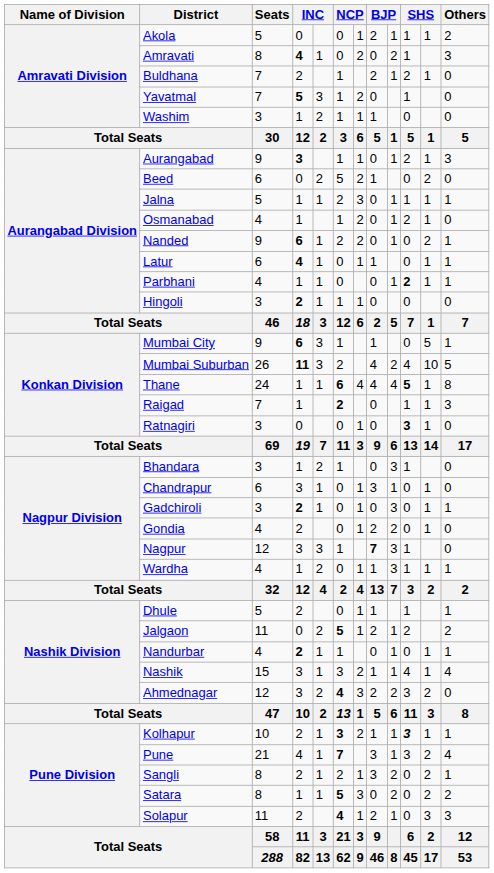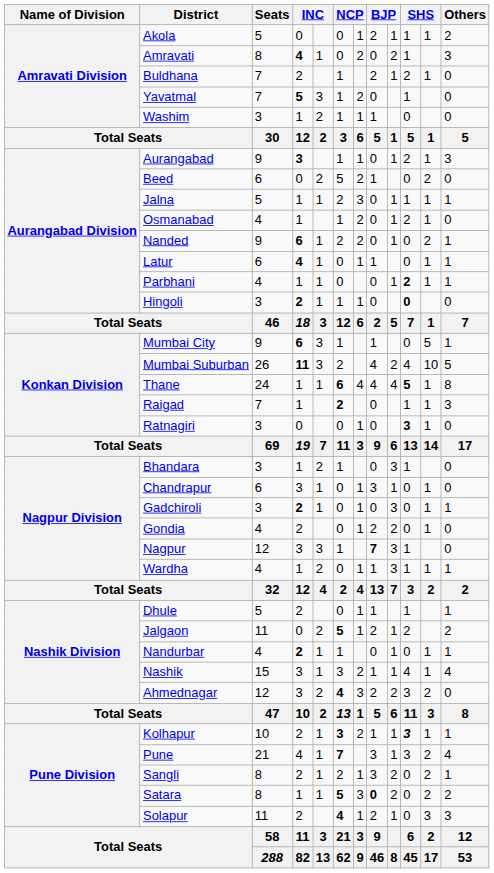 <table class="wikitable sortable">
 <tr>
 <th>Name of Division</th>
 <th>District</th>
 <th>Seats</th>
 <th colspan="2"><a href='#'>INC</a></th>
 <th colspan="2"><a href='#'>NCP</a></th>
 <th colspan="2"><a href='#'>BJP</a></th>
 <th colspan="2"><a href='#'>SHS</a></th>
 <th>Others</th>
 </tr>
 <tr>
 <th rowspan="5"><a href='#'>Amravati Division</a></th>
 <td><a href='#'>Akola</a></td>
 <td>5</td>
 <td>0</td>
 <td></td>
 <td>0</td>
 <td> 1</td>
 <td>2</td>
 <td> 1</td>
 <td>1</td>
 <td> 1</td>
 <td>2</td>
 </tr>
 <tr>
 <td><a href='#'>Amravati</a></td>
 <td>8</td>
 <td><strong>4</strong></td>
 <td> 1</td>
 <td>0</td>
 <td> 2</td>
 <td>0</td>
 <td> 2</td>
 <td>1</td>
 <td></td>
 <td>3</td>
 </tr>
 <tr>
 <td><a href='#'>Buldhana</a></td>
 <td>7</td>
 <td>2</td>
 <td></td>
 <td>1</td>
 <td></td>
 <td>2</td>
 <td> 1</td>
 <td>2</td>
 <td> 1</td>
 <td>0</td>
 </tr>
 <tr>
 <td><a href='#'>Yavatmal</a></td>
 <td>7</td>
 <td><strong>5</strong></td>
 <td> 3</td>
 <td>1</td>
 <td> 2</td>
 <td>0</td>
 <td></td>
 <td>1</td>
 <td></td>
 <td>0</td>
 </tr>
 <tr>
 <td><a href='#'>Washim</a></td>
 <td>3</td>
 <td>1</td>
 <td> 2</td>
 <td>1</td>
 <td> 1</td>
 <td>1</td>
 <td></td>
 <td>0</td>
 <td></td>
 <td>0</td>
 </tr>
 <tr>
 <th colspan="2">Total Seats</th>
 <th>30</th>
 <th>12</th>
 <th> 2</th>
 <th>3</th>
 <th> 6</th>
 <th>5</th>
 <th> 1</th>
 <th>5</th>
 <th> 1</th>
 <th>5</th>
 </tr>
 <tr>
 <th rowspan="8"><a href='#'>Aurangabad Division</a></th>
 <td><a href='#'>Aurangabad</a></td>
 <td>9</td>
 <td><strong>3</strong></td>
 <td></td>
 <td>1</td>
 <td> 1</td>
 <td>0</td>
 <td> 1</td>
 <td>2</td>
 <td> 1</td>
 <td>3</td>
 </tr>
 <tr>
 <td><a href='#'>Beed</a></td>
 <td>6</td>
 <td>0</td>
 <td> 2</td>
 <td>5</td>
 <td> 2</td>
 <td>1</td>
 <td></td>
 <td>0</td>
 <td> 2</td>
 <td>0</td>
 </tr>
 <tr>
 <td><a href='#'>Jalna</a></td>
 <td>5</td>
 <td>1</td>
 <td> 1</td>
 <td>2</td>
 <td> 3</td>
 <td>0</td>
 <td> 1</td>
 <td>1</td>
 <td> 1</td>
 <td>1</td>
 </tr>
 <tr>
 <td><a href='#'>Osmanabad</a></td>
 <td>4</td>
 <td>1</td>
 <td></td>
 <td>1</td>
 <td> 2</td>
 <td>0</td>
 <td> 1</td>
 <td>2</td>
 <td> 1</td>
 <td>0</td>
 </tr>
 <tr>
 <td><a href='#'>Nanded</a></td>
 <td>9</td>
 <td><strong>6</strong></td>
 <td> 1</td>
 <td>2</td>
 <td> 2</td>
 <td>0</td>
 <td> 1</td>
 <td>0</td>
 <td> 2</td>
 <td>1</td>
 </tr>
 <tr>
 <td><a href='#'>Latur</a></td>
 <td>6</td>
 <td><strong>4</strong></td>
 <td> 1</td>
 <td>0</td>
 <td> 1</td>
 <td>1</td>
 <td></td>
 <td>0</td>
 <td> 1</td>
 <td>1</td>
 </tr>
 <tr>
 <td><a href='#'>Parbhani</a></td>
 <td>4</td>
 <td>1</td>
 <td> 1</td>
 <td>0</td>
 <td></td>
 <td>0</td>
 <td> 1</td>
 <td><strong>2</strong></td>
 <td> 1</td>
 <td>1</td>
 </tr>
 <tr>
 <td><a href='#'>Hingoli</a></td>
 <td>3</td>
 <td><strong>2</strong></td>
 <td> 1</td>
 <td>1</td>
 <td> 1</td>
 <td>0</td>
 <td></td>
-<td>0</td>
+<td><strong>0</strong></td>
 <td></td>
 <td>0</td>
 </tr>
 <tr>
 <th colspan="2">Total Seats</th>
 <th>46</th>
 <th><em>18</em></th>
 <th> 3</th>
 <th>12</th>
 <th> 6</th>
 <th>2</th>
 <th> 5</th>
 <th>7</th>
 <th> 1</th>
 <th>7</th>
 </tr>
 <tr>
 <th rowspan="5"><a href='#'>Konkan Division</a></th>
 <td><a href='#'>Mumbai City</a></td>
 <td>9</td>
 <td><strong>6</strong></td>
 <td> 3</td>
 <td>1</td>
 <td></td>
 <td>1</td>
 <td></td>
 <td>0</td>
 <td> 5</td>
 <td>1</td>
 </tr>
 <tr>
 <td><a href='#'>Mumbai Suburban</a></td>
 <td>26</td>
 <td><strong>11</strong></td>
 <td> 3</td>
 <td>2</td>
 <td></td>
 <td>4</td>
 <td> 2</td>
 <td>4</td>
 <td> 10</td>
 <td>5</td>
 </tr>
 <tr>
 <td><a href='#'>Thane</a></td>
 <td>24</td>
 <td>1</td>
 <td> 1</td>
 <td><strong>6</strong></td>
 <td> 4</td>
 <td>4</td>
 <td> 4</td>
 <td><strong>5</strong></td>
 <td> 1</td>
 <td>8</td>
 </tr>
 <tr>
 <td><a href='#'>Raigad</a></td>
 <td>7</td>
 <td>1</td>
 <td></td>
 <td><strong>2</strong></td>
 <td></td>
 <td>0</td>
 <td></td>
 <td>1</td>
 <td> 1</td>
 <td>3</td>
 </tr>
 <tr>
 <td><a href='#'>Ratnagiri</a></td>
 <td>3</td>
 <td>0</td>
 <td></td>
 <td>0</td>
 <td> 1</td>
 <td>0</td>
 <td></td>
 <td><strong>3</strong></td>
 <td> 1</td>
 <td>0</td>
 </tr>
 <tr>
 <th colspan="2">Total Seats</th>
 <th>69</th>
 <th><em>19</em></th>
 <th> 7</th>
 <th>11</th>
 <th> 3</th>
 <th>9</th>
 <th> 6</th>
 <th>13</th>
 <th> 14</th>
 <th>17</th>
 </tr>
 <tr>
 <th rowspan="6"><a href='#'>Nagpur Division</a></th>
 <td><a href='#'>Bhandara</a></td>
 <td>3</td>
 <td>1</td>
 <td> 2</td>
 <td>1</td>
 <td></td>
 <td>0</td>
 <td> 3</td>
 <td>1</td>
 <td></td>
 <td>0</td>
 </tr>
 <tr>
 <td><a href='#'>Chandrapur</a></td>
 <td>6</td>
 <td>3</td>
 <td> 1</td>
 <td>0</td>
 <td> 1</td>
 <td>3</td>
 <td> 1</td>
 <td>0</td>
 <td> 1</td>
 <td>0</td>
 </tr>
 <tr>
 <td><a href='#'>Gadchiroli</a></td>
 <td>3</td>
 <td><strong>2</strong></td>
 <td> 1</td>
 <td>0</td>
 <td> 1</td>
 <td>0</td>
 <td> 3</td>
 <td>0</td>
 <td> 1</td>
 <td>1</td>
 </tr>
 <tr>
 <td><a href='#'>Gondia</a></td>
 <td>4</td>
 <td>2</td>
 <td></td>
 <td>0</td>
 <td> 1</td>
 <td>2</td>
 <td> 2</td>
 <td>0</td>
 <td> 1</td>
 <td>0</td>
 </tr>
 <tr>
 <td><a href='#'>Nagpur</a></td>
 <td>12</td>
 <td>3</td>
 <td> 3</td>
 <td>1</td>
 <td></td>
 <td><strong>7</strong></td>
 <td> 3</td>
 <td>1</td>
 <td></td>
 <td>0</td>
 </tr>
 <tr>
 <td><a href='#'>Wardha</a></td>
 <td>4</td>
 <td>1</td>
 <td> 2</td>
 <td>0</td>
 <td> 1</td>
 <td>1</td>
 <td> 3</td>
 <td>1</td>
 <td> 1</td>
 <td>1</td>
 </tr>
 <tr>
 <th colspan="2">Total Seats</th>
 <th>32</th>
 <th>12</th>
 <th> 4</th>
 <th>2</th>
 <th> 4</th>
 <th>13</th>
 <th> 7</th>
 <th>3</th>
 <th> 2</th>
 <th>2</th>
 </tr>
 <tr>
 <th rowspan="5"><a href='#'>Nashik Division</a></th>
 <td><a href='#'>Dhule</a></td>
 <td>5</td>
 <td>2</td>
 <td></td>
 <td>0</td>
 <td> 1</td>
 <td>1</td>
 <td></td>
 <td>1</td>
 <td></td>
 <td>1</td>
 </tr>
 <tr>
 <td><a href='#'>Jalgaon</a></td>
 <td>11</td>
 <td>0</td>
 <td> 2</td>
 <td><strong>5</strong></td>
 <td> 1</td>
 <td>2</td>
 <td> 1</td>
 <td>2</td>
 <td></td>
 <td>2</td>
 </tr>
 <tr>
 <td><a href='#'>Nandurbar</a></td>
 <td>4</td>
 <td><strong>2</strong></td>
 <td> 1</td>
 <td>1</td>
 <td></td>
 <td>0</td>
 <td> 1</td>
 <td>0</td>
 <td> 1</td>
 <td>1</td>
 </tr>
 <tr>
 <td><a href='#'>Nashik</a></td>
 <td>15</td>
 <td>3</td>
 <td> 1</td>
 <td>3</td>
 <td> 2</td>
 <td>1</td>
 <td> 1</td>
 <td>4</td>
 <td> 1</td>
 <td>4</td>
 </tr>
 <tr>
 <td><a href='#'>Ahmednagar</a></td>
 <td>12</td>
 <td>3</td>
 <td> 2</td>
 <td><strong>4</strong></td>
 <td> 3</td>
 <td>2</td>
 <td> 2</td>
 <td>3</td>
 <td> 2</td>
 <td>0</td>
 </tr>
 <tr>
 <th colspan="2">Total Seats</th>
 <th>47</th>
 <th>10</th>
 <th> 2</th>
 <th><em>13</em></th>
 <th> 1</th>
 <th>5</th>
 <th> 6</th>
 <th>11</th>
 <th> 3</th>
 <th>8</th>
 </tr>
 <tr>
 <th rowspan="5"><a href='#'>Pune Division</a></th>
 <td><a href='#'>Kolhapur</a></td>
 <td>10</td>
 <td>2</td>
 <td> 1</td>
 <td><strong>3</strong></td>
 <td> 2</td>
 <td>1</td>
 <td> 1</td>
 <td><strong><em>3</em></strong></td>
 <td> 1</td>
 <td>1</td>
 </tr>
 <tr>
 <td><a href='#'>Pune</a></td>
 <td>21</td>
 <td>4</td>
 <td> 1</td>
 <td><strong>7</strong></td>
 <td></td>
 <td>3</td>
 <td> 1</td>
 <td>3</td>
 <td> 2</td>
 <td>4</td>
 </tr>
 <tr>
 <td><a href='#'>Sangli</a></td>
 <td>8</td>
 <td>2</td>
 <td> 1</td>
 <td>2</td>
 <td> 1</td>
 <td>3</td>
 <td> 2</td>
 <td>0</td>
 <td> 2</td>
 <td>1</td>
 </tr>
 <tr>
 <td><a href='#'>Satara</a></td>
 <td>8</td>
 <td>1</td>
 <td> 1</td>
 <td><strong>5</strong></td>
 <td> 3</td>
-<td>0</td>
+<td><strong>0</strong></td>
 <td> 2</td>
 <td>0</td>
 <td> 2</td>
 <td>2</td>
 </tr>
 <tr>
 <td><a href='#'>Solapur</a></td>
 <td>11</td>
 <td>2</td>
 <td></td>
 <td><strong>4</strong></td>
 <td> 1</td>
 <td>2</td>
 <td> 1</td>
 <td>0</td>
 <td> 3</td>
 <td>3</td>
 </tr>
 <tr>
 <th colspan="2" rowspan="2">Total Seats</th>
 <th>58</th>
 <th>11</th>
 <th> 3</th>
 <th>21</th>
 <th> 3</th>
 <th>9</th>
 <th></th>
 <th>6</th>
 <th> 2</th>
 <th>12</th>
 </tr>
 <tr>
 <th><em>288</em></th>
 <th>82</th>
 <th> 13</th>
 <th>62</th>
 <th> 9</th>
 <th>46</th>
 <th> 8</th>
 <th>45</th>
 <th> 17</th>
 <th>53</th>
 </tr>
 </table>
